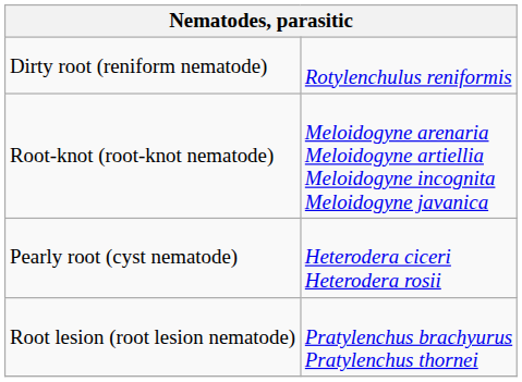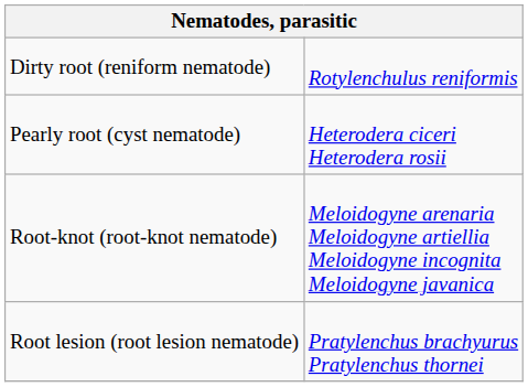 <table class="wikitable" style="clear">
 <tr>
 <th colspan=2><strong>Nematodes, parasitic</strong><br></th>
 </tr>
 <tr>
 <td>Dirty root (reniform nematode)</td>
 <td><br><em><a href='#'>Rotylenchulus reniformis</a></em></td>
 </tr>
 <tr>
+<td>Pearly root (cyst nematode)</td>
+<td><br><em><a href='#'>Heterodera ciceri</a></em><br> <em><a href='#'>Heterodera rosii</a></em></td>
+</tr>
+<tr>
 <td>Root-knot (root-knot nematode)</td>
 <td><br><em><a href='#'>Meloidogyne arenaria</a></em><br> <em><a href='#'>Meloidogyne artiellia</a></em><br> <em><a href='#'>Meloidogyne incognita</a></em><br> <em><a href='#'>Meloidogyne javanica</a></em></td>
-</tr>
-<tr>
-<td>Pearly root (cyst nematode)</td>
-<td><br><em><a href='#'>Heterodera ciceri</a></em><br> <em><a href='#'>Heterodera rosii</a></em></td>
 </tr>
 <tr>
 <td>Root lesion (root lesion nematode)</td>
 <td><br><em><a href='#'>Pratylenchus brachyurus</a></em><br> <em><a href='#'>Pratylenchus thornei</a></em></td>
 </tr>
 <tr>
 </tr>
 </table>
